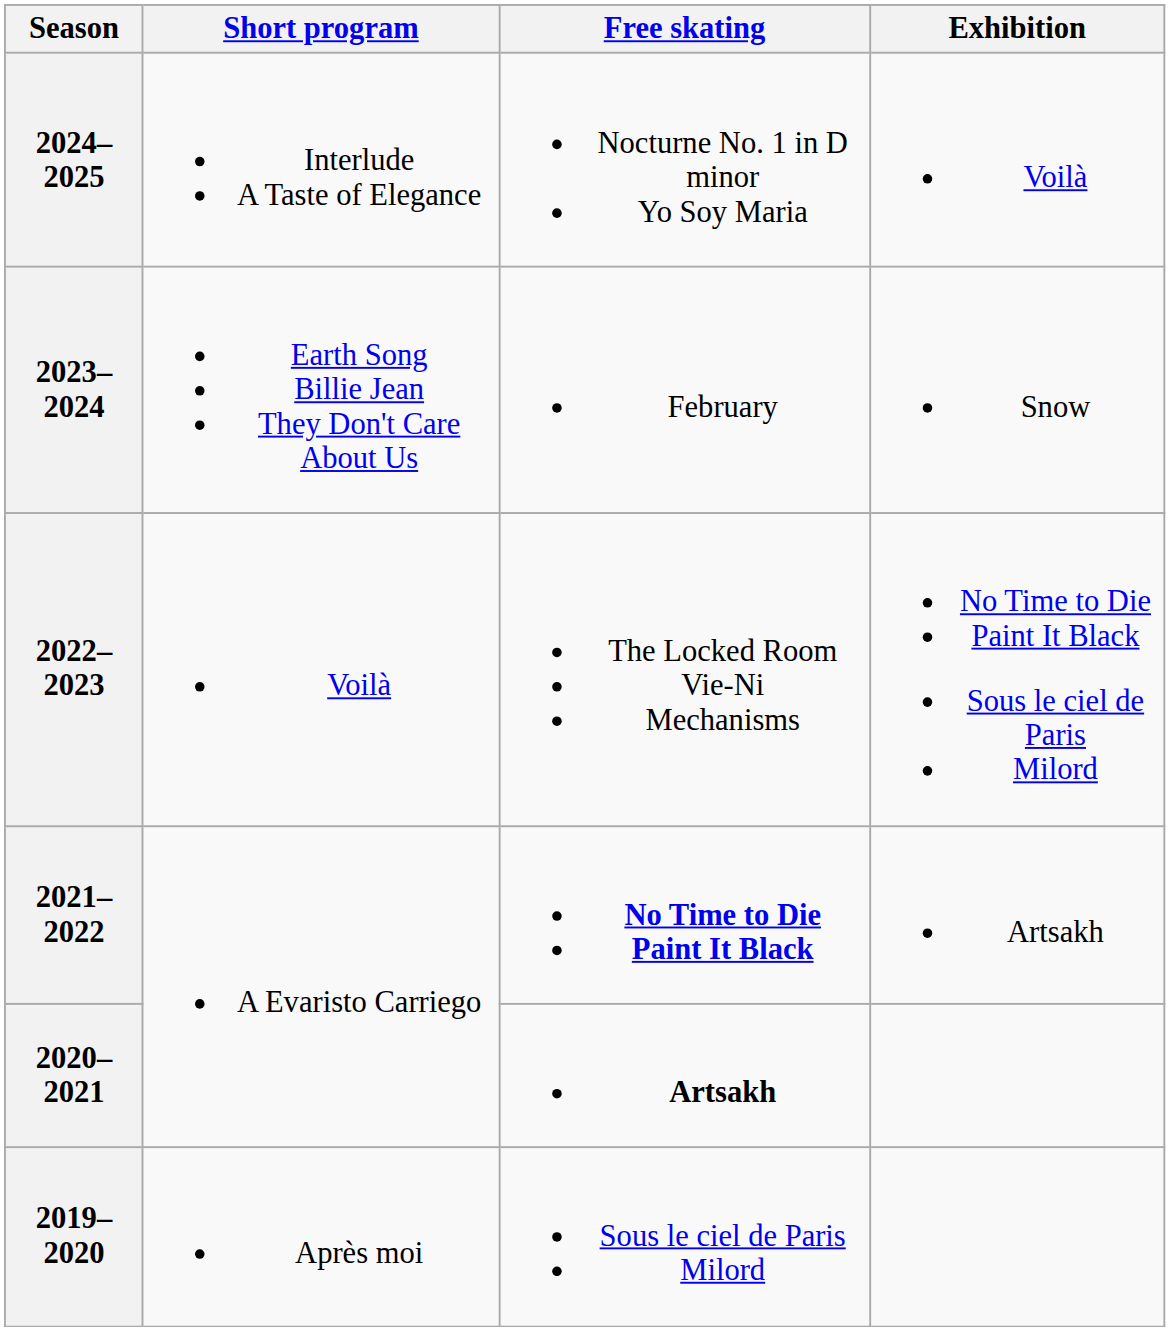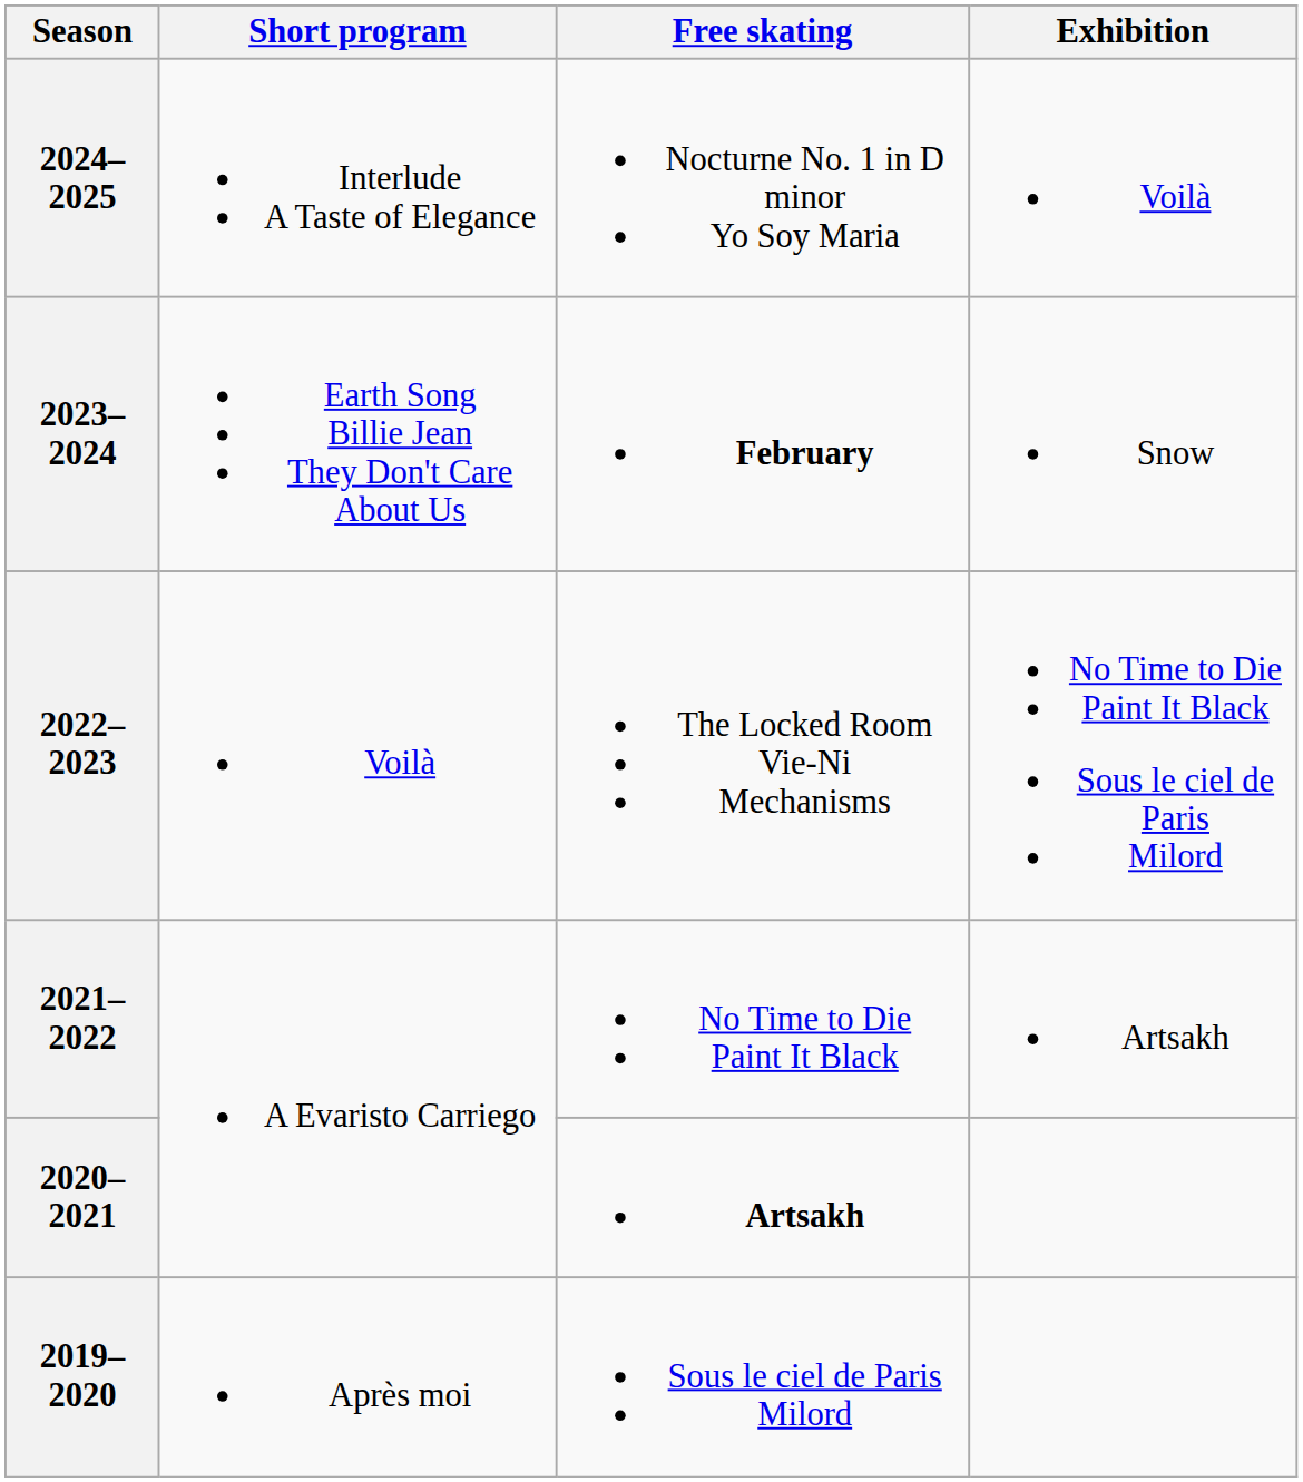 <table class=wikitable style=text-align:center>
 <tr>
 <th>Season</th>
 <th><a href='#'>Short program</a></th>
 <th><a href='#'>Free skating</a></th>
 <th>Exhibition</th>
 </tr>
 <tr>
 <th>2024–2025 <br> </th>
 <td><br><ul><li>Interlude <br> </li><li>A Taste of Elegance <br> </li></ul></td>
 <td><br><ul><li>Nocturne No. 1 in D minor <br> </li><li>Yo Soy Maria <br> </li></ul></td>
 <td><br><ul><li><a href='#'>Voilà</a> <br> </li></ul></td>
 </tr>
 <tr>
 <th>2023–2024 <br> </th>
 <td><br><ul><li><a href='#'>Earth Song</a></li><li><a href='#'>Billie Jean</a></li><li><a href='#'>They Don't Care About Us</a> <br> </li></ul></td>
-<td><br><ul><li>February <br> </li></ul></td>
+<td><strong><br><ul><li>February <br> </li></ul></strong></td>
 <td><br><ul><li>Snow <br> </li></ul></td>
 </tr>
 <tr>
 <th>2022–2023 <br> </th>
 <td><br><ul><li><a href='#'>Voilà</a> <br> </li></ul></td>
 <td><br><ul><li>The Locked Room <br> </li><li>Vie-Ni <br> </li><li>Mechanisms <br> </li></ul></td>
 <td><br><ul><li><a href='#'>No Time to Die</a> <br> </li><li><a href='#'>Paint It Black</a><br> </li></ul><ul><li><a href='#'>Sous le ciel de Paris</a></li><li><a href='#'>Milord</a> <br> </li></ul></td>
 </tr>
 <tr>
 <th>2021–2022<br></th>
 <td rowspan="2"><br><ul><li>A Evaristo Carriego <br> </li></ul></td>
-<td><strong><br><ul><li><a href='#'>No Time to Die</a> <br> </li><li><a href='#'>Paint It Black</a><br> </li></ul></strong></td>
+<td><br><ul><li><a href='#'>No Time to Die</a> <br> </li><li><a href='#'>Paint It Black</a><br> </li></ul></td>
 <td><br><ul><li>Artsakh<br> </li></ul></td>
 </tr>
 <tr>
 <th>2020–2021<br></th>
 <td><strong><br><ul><li>Artsakh<br> </li></ul></strong></td>
 </tr>
 <tr>
 <th>2019–2020 <br> </th>
 <td><br><ul><li>Après moi <br> </li></ul></td>
 <td><br><ul><li><a href='#'>Sous le ciel de Paris</a></li><li><a href='#'>Milord</a> <br> </li></ul></td>
 <td></td>
 </tr>
 </table>
